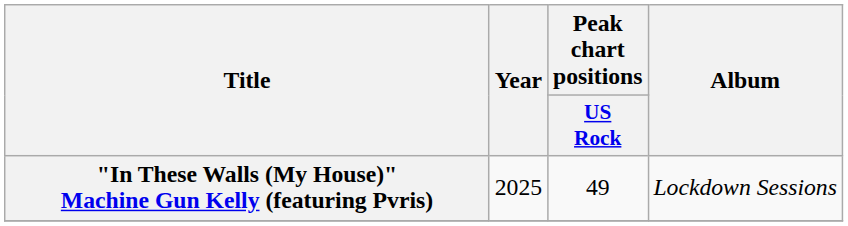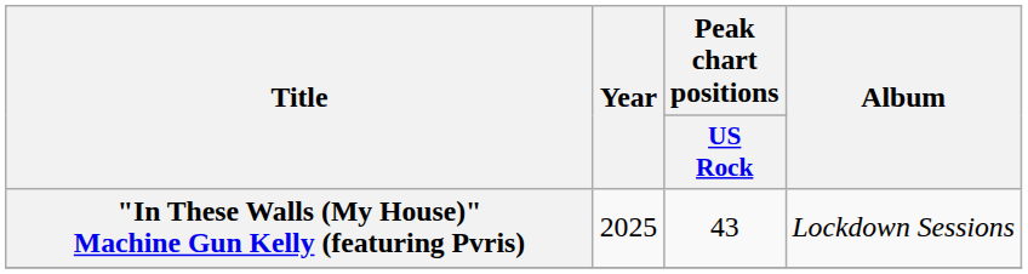 <table class="wikitable plainrowheaders" style="text-align:center;">
 <tr>
 <th scope="col" rowspan="2" style="width:20em;">Title</th>
 <th scope="col" rowspan="2">Year</th>
 <th scope="col" colspan="1">Peak chart positions</th>
 <th scope="col" rowspan="2">Album</th>
 </tr>
 <tr>
 <th style="width:3em;font-size:90%;"><a href='#'>US<br>Rock</a><br></th>
 </tr>
 <tr>
 <th scope="row">"In These Walls (My House)" <br><span><a href='#'>Machine Gun Kelly</a> (featuring Pvris)</span></th>
 <td>2025</td>
-<td>49</td>
+<td>43</td>
 <td><em>Lockdown Sessions</em></td>
 </tr>
 <tr>
 </tr>
 </table>
